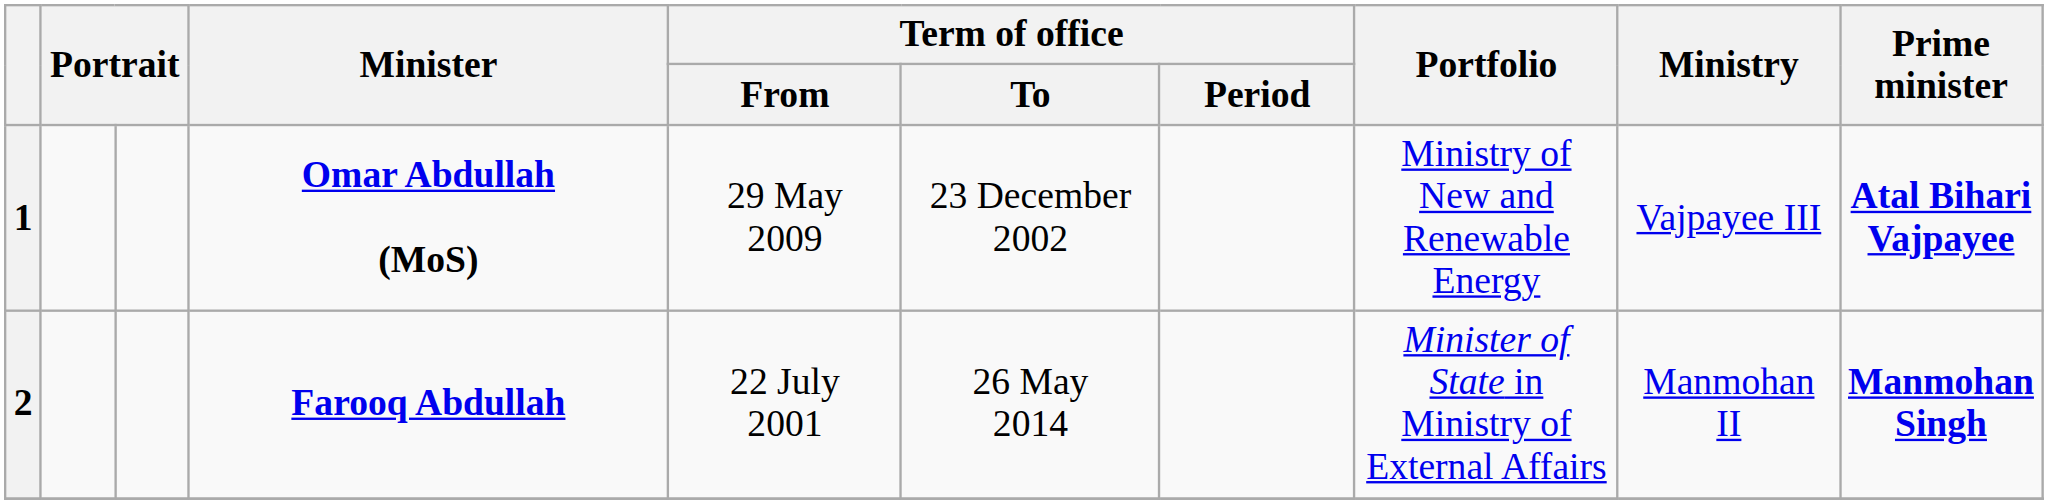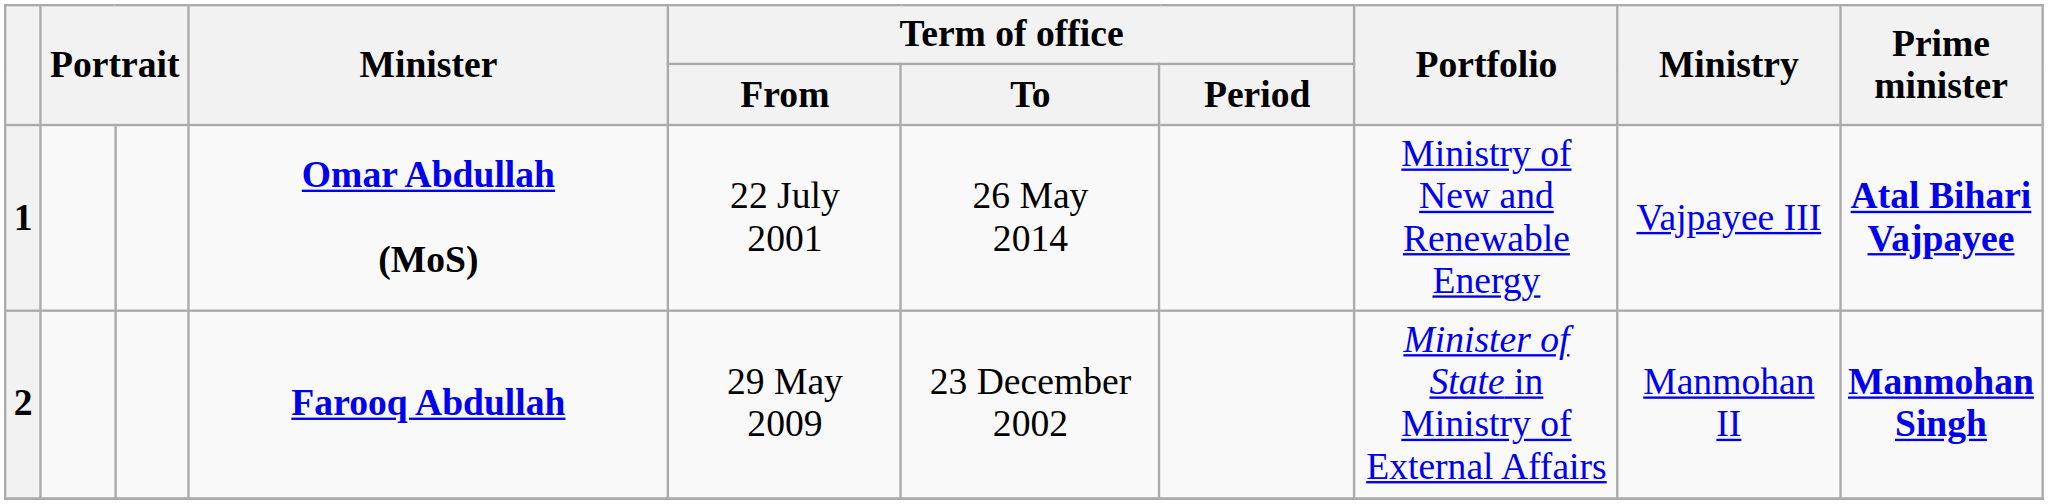 <table class="wikitable" style="text-align:center">
 <tr>
 <th rowspan="2"></th>
 <th rowspan="2" colspan="2">Portrait</th>
 <th rowspan="2" style="width:18em">Minister<br></th>
 <th colspan="3">Term of office</th>
 <th rowspan="2" style="width:8em">Portfolio</th>
 <th rowspan="2" style="width:6em">Ministry</th>
 <th rowspan="2" colspan="2">Prime minister</th>
 </tr>
 <tr>
 <th style="width:8em">From</th>
 <th style="width:8em">To</th>
 <th style="width:6em">Period</th>
 </tr>
 <tr>
 <th>1</th>
 <td></td>
 <td></td>
 <td><strong><a href='#'>Omar Abdullah</a></strong><br><br><strong>(MoS)</strong></td>
-<td>29 May<br>2009</td>
-<td>23 December<br>2002</td>
+<td>22 July<br>2001</td>
+<td>26 May<br>2014</td>
 <td><strong></strong></td>
 <td><a href='#'>Ministry of New and Renewable Energy </a></td>
 <td><a href='#'>Vajpayee III</a></td>
 <td><strong><a href='#'>Atal Bihari Vajpayee</a></strong></td>
 </tr>
 <tr>
 <th>2</th>
 <td></td>
 <td></td>
 <td><strong><a href='#'>Farooq Abdullah</a></strong><br></td>
-<td>22 July<br>2001</td>
-<td>26 May<br>2014</td>
+<td>29 May<br>2009</td>
+<td>23 December<br>2002</td>
 <td><strong></strong></td>
 <td><a href='#'><em>Minister of State</em> in Ministry of External Affairs</a></td>
 <td><a href='#'>Manmohan II</a></td>
 <td><strong><a href='#'>Manmohan Singh</a></strong></td>
 </tr>
 <tr>
 </tr>
 </table>
